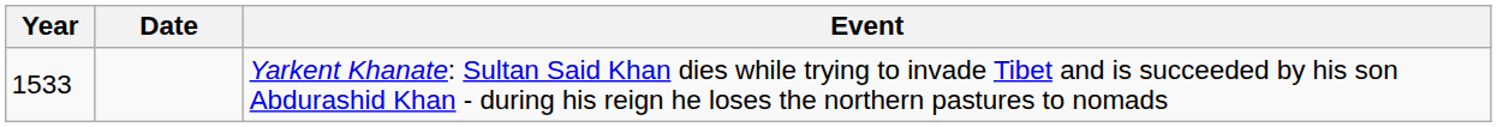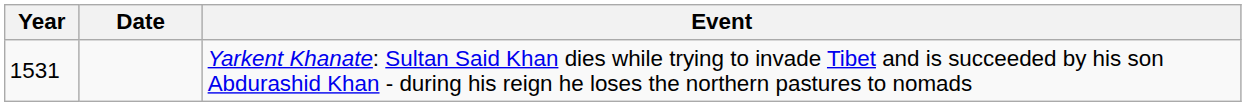 <table class="wikitable" width="100%">
 <tr>
 <th style="width:6%">Year</th>
 <th style="width:10%">Date</th>
 <th>Event</th>
 </tr>
 <tr>
-<td>1533</td>
+<td>1531</td>
 <td></td>
 <td><em><a href='#'>Yarkent Khanate</a></em>: <a href='#'>Sultan Said Khan</a> dies while trying to invade <a href='#'>Tibet</a> and is succeeded by his son <a href='#'>Abdurashid Khan</a> - during his reign he loses the northern pastures to nomads</td>
 </tr>
 </table>
